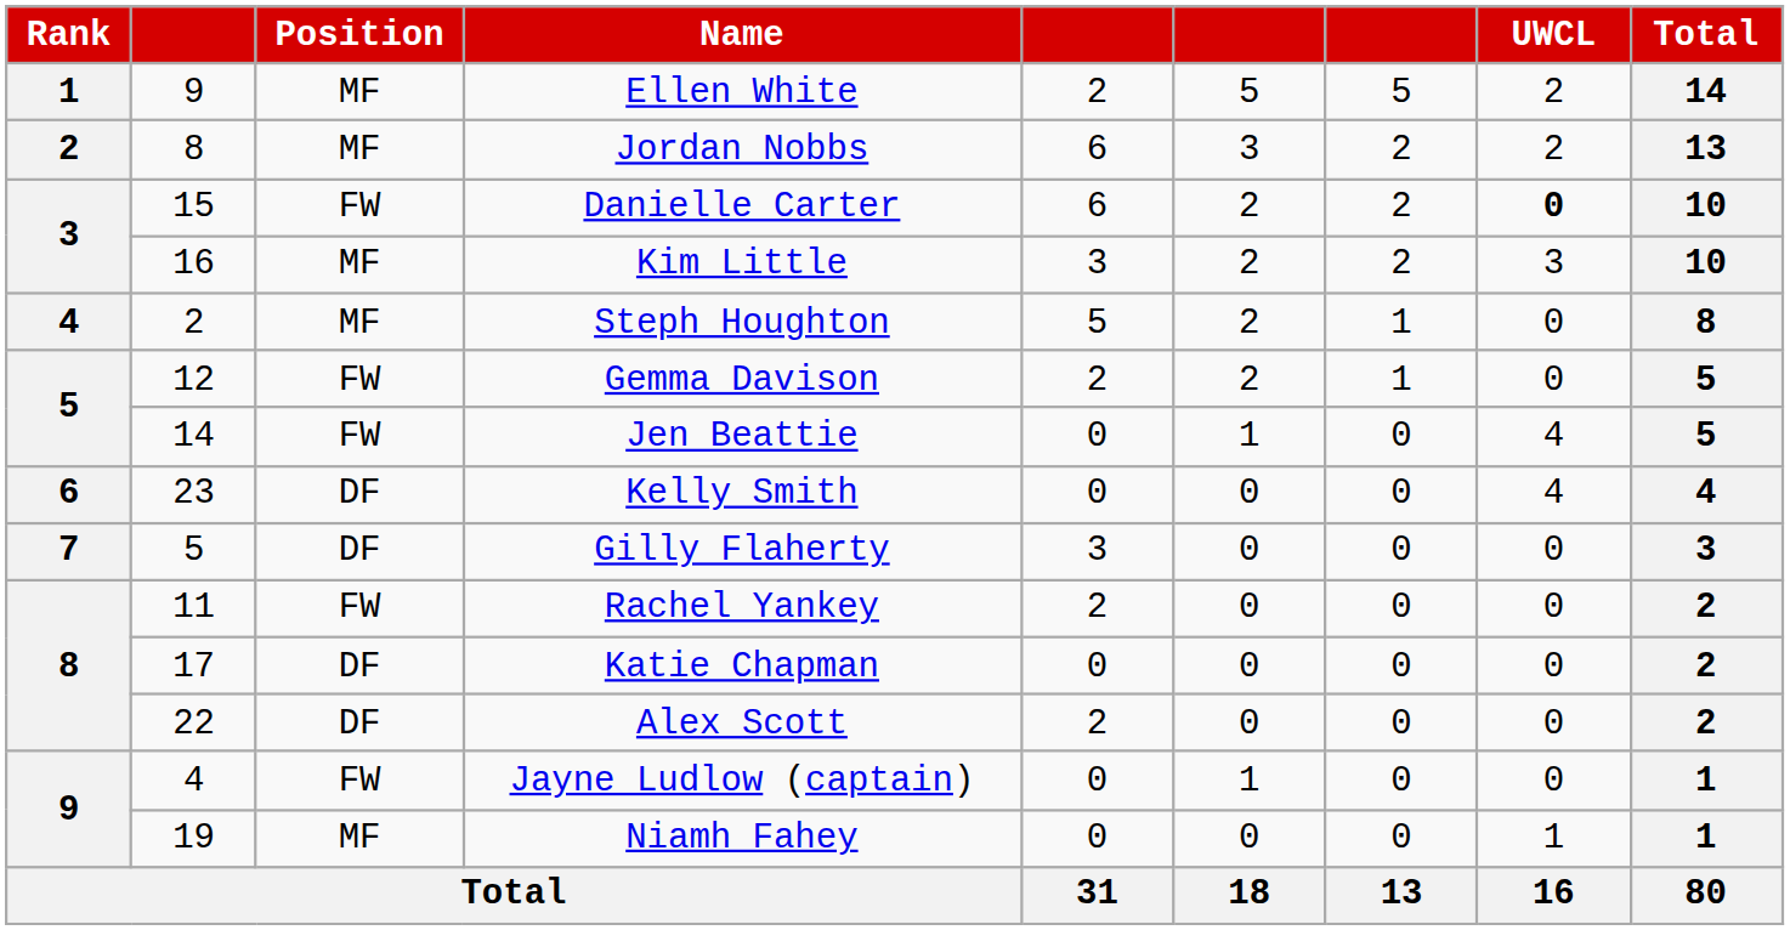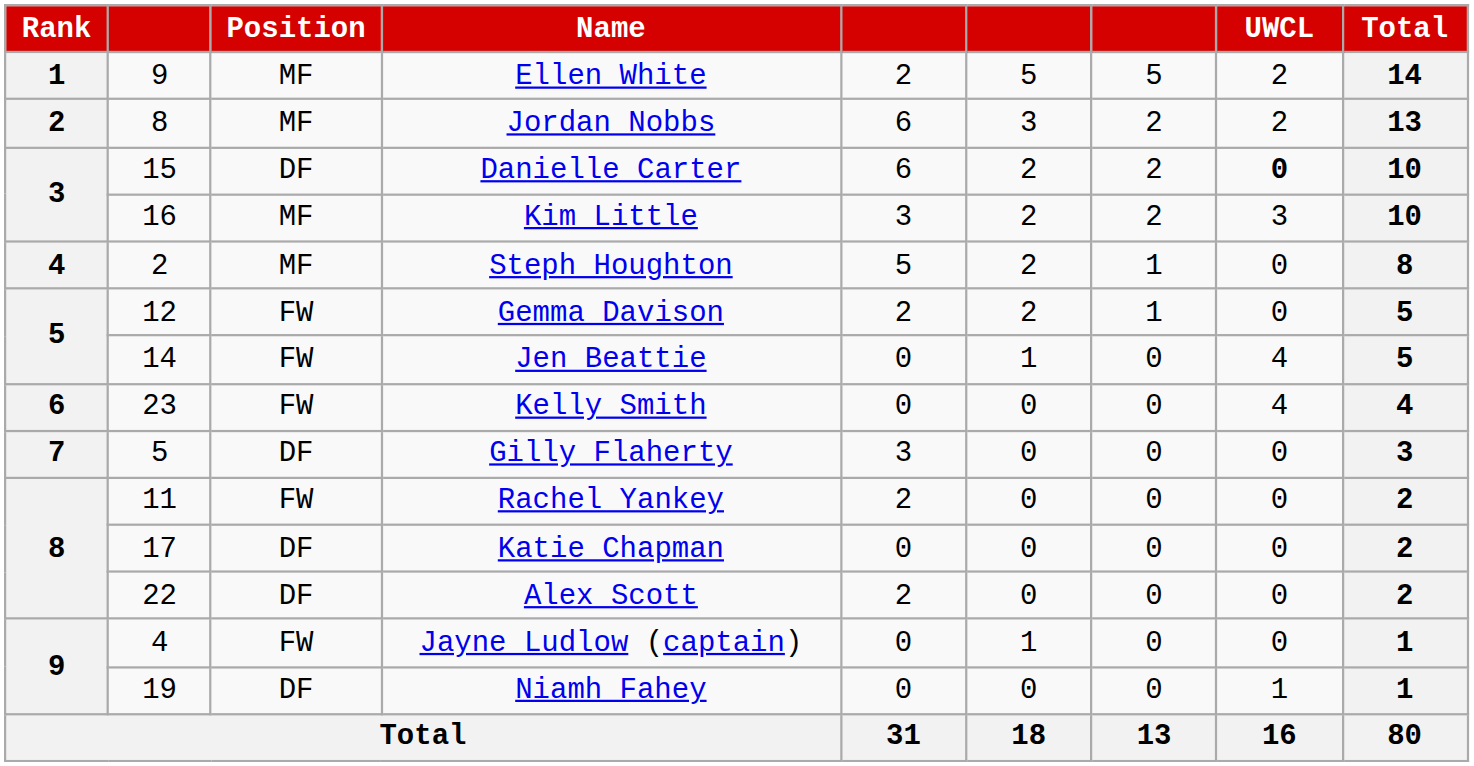 <table class="wikitable" style="text-align:center; font-size:100%; ">
 <tr>
 <th style="background:#d50000; color:white; text-align:center; width:40px">Rank</th>
 <th style="background:#d50000; color:white; text-align:center; width:40px"></th>
 <th style="background:#d50000; color:white; text-align:center; width:70px">Position</th>
 <th style="background:#d50000; color:white; text-align:center; width:200px">Name</th>
 <th style="background:#d50000; color:white; text-align:center; width:50px;"><a href='#'></a></th>
 <th style="background:#d50000; color:white; text-align:center; width:50px;"><a href='#'></a></th>
 <th style="background:#d50000; color:white; text-align:center; width:50px;"></th>
 <th style="background:#d50000; color:white; text-align:center; width:50px;">UWCL</th>
 <th style="background:#d50000; color:white; text-align:center; width:50px;">Total</th>
 </tr>
 <tr>
 <th>1</th>
 <td>9</td>
 <td>MF</td>
 <td> <a href='#'>Ellen White</a></td>
 <td>2</td>
 <td>5</td>
 <td>5</td>
 <td>2</td>
 <th>14</th>
 </tr>
 <tr>
 <th>2</th>
 <td>8</td>
 <td>MF</td>
 <td> <a href='#'>Jordan Nobbs</a></td>
 <td>6</td>
 <td>3</td>
 <td>2</td>
 <td>2</td>
 <th>13</th>
 </tr>
 <tr>
 <th rowspan="2">3</th>
 <td>15</td>
-<td>FW</td>
+<td>DF</td>
 <td> <a href='#'>Danielle Carter</a></td>
 <td>6</td>
 <td>2</td>
 <td>2</td>
 <td><strong>0</strong></td>
 <th>10</th>
 </tr>
 <tr>
 <td>16</td>
 <td>MF</td>
 <td> <a href='#'>Kim Little</a></td>
 <td>3</td>
 <td>2</td>
 <td>2</td>
 <td>3</td>
 <th>10</th>
 </tr>
 <tr>
 <th>4</th>
 <td>2</td>
 <td>MF</td>
 <td> <a href='#'>Steph Houghton</a></td>
 <td>5</td>
 <td>2</td>
 <td>1</td>
 <td>0</td>
 <th>8</th>
 </tr>
 <tr>
 <th rowspan="2">5</th>
 <td>12</td>
 <td>FW</td>
 <td> <a href='#'>Gemma Davison</a></td>
 <td>2</td>
 <td>2</td>
 <td>1</td>
 <td>0</td>
 <th>5</th>
 </tr>
 <tr>
 <td>14</td>
 <td>FW</td>
 <td> <a href='#'>Jen Beattie</a></td>
 <td>0</td>
 <td>1</td>
 <td>0</td>
 <td>4</td>
 <th>5</th>
 </tr>
 <tr>
 <th>6</th>
 <td>23</td>
-<td>DF</td>
+<td>FW</td>
 <td> <a href='#'>Kelly Smith</a></td>
 <td>0</td>
 <td>0</td>
 <td>0</td>
 <td>4</td>
 <th>4</th>
 </tr>
 <tr>
 <th>7</th>
 <td>5</td>
 <td>DF</td>
 <td> <a href='#'>Gilly Flaherty</a></td>
 <td>3</td>
 <td>0</td>
 <td>0</td>
 <td>0</td>
 <th>3</th>
 </tr>
 <tr>
 <th rowspan="3">8</th>
 <td>11</td>
 <td>FW</td>
 <td> <a href='#'>Rachel Yankey</a></td>
 <td>2</td>
 <td>0</td>
 <td>0</td>
 <td>0</td>
 <th>2</th>
 </tr>
 <tr>
 <td>17</td>
 <td>DF</td>
 <td><em></em> <a href='#'>Katie Chapman</a></td>
 <td>0</td>
 <td>0</td>
 <td>0</td>
 <td>0</td>
 <th>2</th>
 </tr>
 <tr>
 <td>22</td>
 <td>DF</td>
 <td> <a href='#'>Alex Scott</a></td>
 <td>2</td>
 <td>0</td>
 <td>0</td>
 <td>0</td>
 <th>2</th>
 </tr>
 <tr>
 <th rowspan="2">9</th>
 <td>4</td>
 <td>FW</td>
 <td> <a href='#'>Jayne Ludlow</a> (<a href='#'>captain</a>)</td>
 <td>0</td>
 <td>1</td>
 <td>0</td>
 <td>0</td>
 <th>1</th>
 </tr>
 <tr>
 <td>19</td>
-<td>MF</td>
+<td>DF</td>
 <td> <a href='#'>Niamh Fahey</a></td>
 <td>0</td>
 <td>0</td>
 <td>0</td>
 <td>1</td>
 <th>1</th>
 </tr>
 <tr>
 <th colspan="4">Total</th>
 <th>31</th>
 <th>18</th>
 <th>13</th>
 <th>16</th>
 <th>80</th>
 </tr>
 </table>
